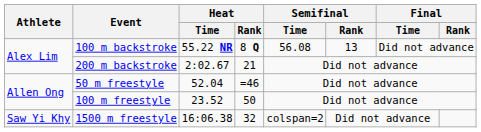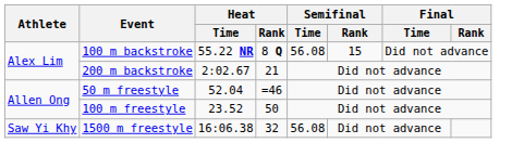 <table class=wikitable style="font-size:90%">
 <tr>
 <th rowspan="2">Athlete</th>
 <th rowspan="2">Event</th>
 <th colspan="2">Heat</th>
 <th colspan="2">Semifinal</th>
 <th colspan="2">Final</th>
 </tr>
 <tr style="font-size:95%">
 <th>Time</th>
 <th>Rank</th>
 <th>Time</th>
 <th>Rank</th>
 <th>Time</th>
 <th>Rank</th>
 </tr>
 <tr align=center>
 <td align=left rowspan=2><a href='#'>Alex Lim</a></td>
 <td align=left><a href='#'>100 m backstroke</a></td>
 <td>55.22 <strong><a href='#'>NR</a></strong></td>
 <td>8 <strong>Q</strong></td>
 <td>56.08</td>
-<td>13</td>
+<td>15</td>
 <td colspan=2>Did not advance</td>
 </tr>
 <tr align=center>
 <td align=left><a href='#'>200 m backstroke</a></td>
 <td>2:02.67</td>
 <td>21</td>
 <td colspan=4>Did not advance</td>
 </tr>
 <tr align=center>
 <td align=left rowspan=2><a href='#'>Allen Ong</a></td>
 <td align=left><a href='#'>50 m freestyle</a></td>
 <td>52.04</td>
 <td>=46</td>
 <td colspan=4>Did not advance</td>
 </tr>
 <tr align=center>
 <td align=left><a href='#'>100 m freestyle</a></td>
 <td>23.52</td>
 <td>50</td>
 <td colspan=4>Did not advance</td>
 </tr>
 <tr align=center>
 <td align=left><a href='#'>Saw Yi Khy</a></td>
 <td align=left><a href='#'>1500 m freestyle</a></td>
 <td>16:06.38</td>
 <td>32</td>
-<td>colspan=2 </td>
+<td>56.08</td>
 <td colspan=2>Did not advance</td>
 </tr>
 </table>
